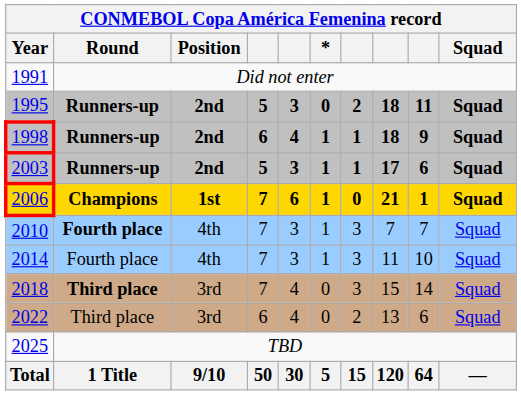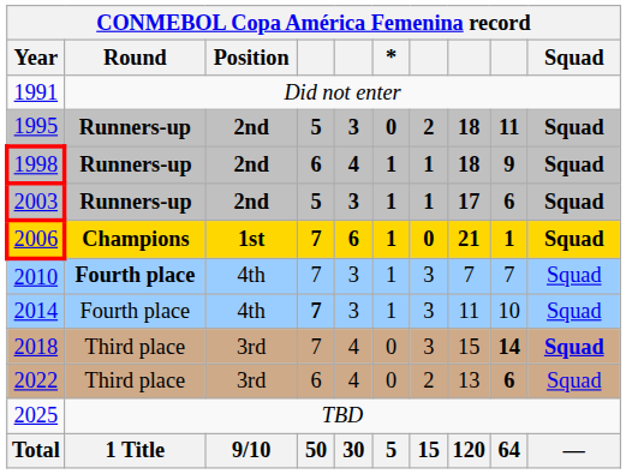 <table class="wikitable" style="text-align: center;">
 <tr>
 <th colspan="10"><a href='#'>CONMEBOL Copa América Femenina</a> record</th>
 </tr>
 <tr>
 <th>Year</th>
 <th width="95">Round</th>
 <th width="60">Position</th>
 <th width="20"></th>
 <th width="20"></th>
 <th width="20">*</th>
 <th width="20"></th>
 <th width="20"></th>
 <th width="20"></th>
 <th width="60">Squad</th>
 </tr>
 <tr>
 <td> <a href='#'>1991</a></td>
 <td colspan=10><em>Did not enter</em></td>
 </tr>
 <tr bgcolor=silver>
 <td> <a href='#'>1995</a></td>
 <td><strong>Runners-up</strong></td>
 <td><strong>2nd</strong></td>
 <td><strong>5</strong></td>
 <td><strong>3</strong></td>
 <td><strong>0</strong></td>
 <td><strong>2</strong></td>
 <td><strong>18</strong></td>
 <td><strong>11</strong></td>
 <td><strong>Squad</strong></td>
 </tr>
 <tr bgcolor=silver>
 <td style="border: 3px solid red"> <a href='#'>1998</a></td>
 <td><strong>Runners-up</strong></td>
 <td><strong>2nd</strong></td>
 <td><strong>6</strong></td>
 <td><strong>4</strong></td>
 <td><strong>1</strong></td>
 <td><strong>1</strong></td>
 <td><strong>18</strong></td>
 <td><strong>9</strong></td>
 <td><strong>Squad</strong></td>
 </tr>
 <tr bgcolor=silver>
 <td style="border: 3px solid red">   <a href='#'>2003</a></td>
 <td><strong>Runners-up</strong></td>
 <td><strong>2nd</strong></td>
 <td><strong>5</strong></td>
 <td><strong>3</strong></td>
 <td><strong>1</strong></td>
 <td><strong>1</strong></td>
 <td><strong>17</strong></td>
 <td><strong>6</strong></td>
 <td><strong>Squad</strong></td>
 </tr>
 <tr bgcolor=gold>
 <td style="border: 3px solid red"> <a href='#'>2006</a></td>
 <td><strong>Champions</strong></td>
 <td><strong>1st</strong></td>
 <td><strong>7</strong></td>
 <td><strong>6</strong></td>
 <td><strong>1</strong></td>
 <td><strong>0</strong></td>
 <td><strong>21</strong></td>
 <td><strong>1</strong></td>
 <td><strong>Squad</strong></td>
 </tr>
 <tr style="background:#9acdff;">
 <td> <a href='#'>2010</a></td>
 <td><strong>Fourth place</strong></td>
 <td>4th</td>
 <td>7</td>
 <td>3</td>
 <td>1</td>
 <td>3</td>
 <td>7</td>
 <td>7</td>
 <td><a href='#'>Squad</a></td>
 </tr>
 <tr style="background:#9acdff;">
 <td> <a href='#'>2014</a></td>
 <td>Fourth place</td>
 <td>4th</td>
-<td>7</td>
+<td><strong>7</strong></td>
 <td>3</td>
 <td>1</td>
 <td>3</td>
 <td>11</td>
 <td>10</td>
 <td><a href='#'>Squad</a></td>
 </tr>
 <tr style="background:#cfaa88;">
 <td> <a href='#'>2018</a></td>
-<td><strong>Third place</strong></td>
+<td>Third place</td>
 <td>3rd</td>
 <td>7</td>
 <td>4</td>
 <td>0</td>
 <td>3</td>
 <td>15</td>
-<td>14</td>
-<td><a href='#'>Squad</a></td>
+<td><strong>14</strong></td>
+<td><strong><a href='#'>Squad</a></strong></td>
 </tr>
 <tr style="background:#cfaa88;">
 <td> <a href='#'>2022</a></td>
 <td>Third place</td>
 <td>3rd</td>
 <td>6</td>
 <td>4</td>
 <td>0</td>
 <td>2</td>
 <td>13</td>
-<td>6</td>
+<td><strong>6</strong></td>
 <td><a href='#'>Squad</a></td>
 </tr>
 <tr>
 <td> <a href='#'>2025</a></td>
 <td colspan=10><em>TBD</em></td>
 </tr>
 <tr>
 <th><strong>Total</strong></th>
 <th>1 Title</th>
 <th>9/10</th>
 <th>50</th>
 <th>30</th>
 <th>5</th>
 <th>15</th>
 <th>120</th>
 <th>64</th>
 <th>—</th>
 </tr>
 </table>
